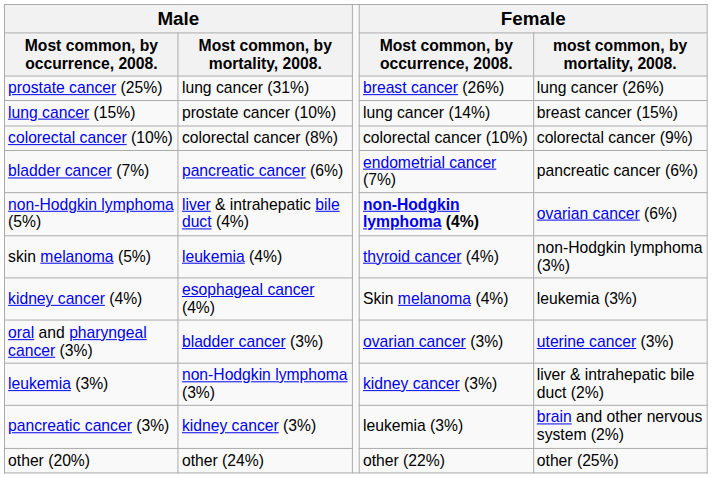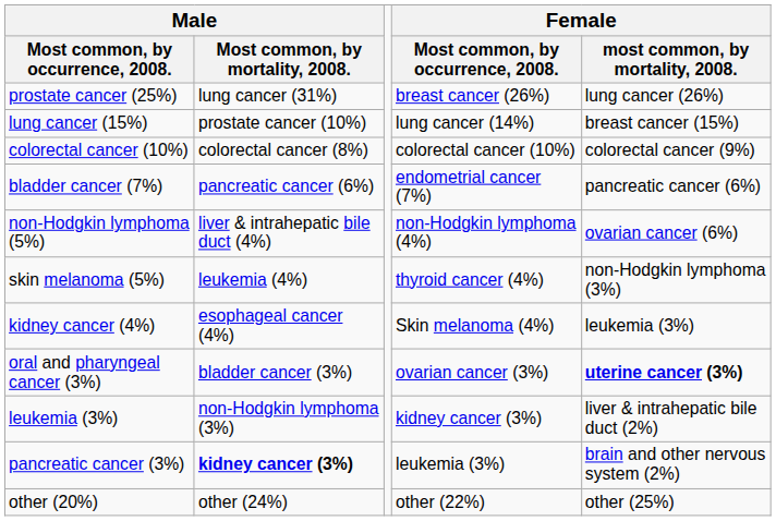 <table class="wikitable" border="1">
 <tr>
 <th colspan="2"><big>Male</big></th>
 <td rowspan="13"></td>
 <th colspan="2"><big>Female</big></th>
 </tr>
 <tr>
 <th width="170px">Most common, by occurrence, 2008.</th>
 <th width="170px">Most common, by mortality, 2008.</th>
 <th width="170px">Most common, by occurrence, 2008.</th>
 <th width="170px">most common, by mortality, 2008.</th>
 </tr>
 <tr>
 <td><a href='#'>prostate cancer</a> (25%)</td>
 <td>lung cancer (31%)</td>
 <td><a href='#'>breast cancer</a> (26%)</td>
 <td>lung cancer (26%)</td>
 </tr>
 <tr>
 <td><a href='#'>lung cancer</a> (15%)</td>
 <td>prostate cancer (10%)</td>
 <td>lung cancer (14%)</td>
 <td>breast cancer (15%)</td>
 </tr>
 <tr>
 <td><a href='#'>colorectal cancer</a> (10%)</td>
 <td>colorectal cancer (8%)</td>
 <td>colorectal cancer (10%)</td>
 <td>colorectal cancer (9%)</td>
 </tr>
 <tr>
 <td><a href='#'>bladder cancer</a> (7%)</td>
 <td><a href='#'>pancreatic cancer</a> (6%)</td>
 <td><a href='#'>endometrial cancer</a> (7%)</td>
 <td>pancreatic cancer (6%)</td>
 </tr>
 <tr>
 <td><a href='#'>non-Hodgkin lymphoma</a> (5%)</td>
 <td><a href='#'>liver</a> & intrahepatic <a href='#'>bile duct</a> (4%)</td>
-<td><strong><a href='#'>non-Hodgkin lymphoma</a> (4%)</strong></td>
+<td><a href='#'>non-Hodgkin lymphoma</a> (4%)</td>
 <td><a href='#'>ovarian cancer</a> (6%)</td>
 </tr>
 <tr>
 <td>skin <a href='#'>melanoma</a> (5%)</td>
 <td><a href='#'>leukemia</a> (4%)</td>
 <td><a href='#'>thyroid cancer</a> (4%)</td>
 <td>non-Hodgkin lymphoma (3%)</td>
 </tr>
 <tr>
 <td><a href='#'>kidney cancer</a> (4%)</td>
 <td><a href='#'>esophageal cancer</a> (4%)</td>
 <td>Skin <a href='#'>melanoma</a> (4%)</td>
 <td>leukemia (3%)</td>
 </tr>
 <tr>
 <td><a href='#'>oral</a> and <a href='#'>pharyngeal cancer</a> (3%)</td>
 <td><a href='#'>bladder cancer</a> (3%)</td>
 <td><a href='#'>ovarian cancer</a> (3%)</td>
-<td><a href='#'>uterine cancer</a> (3%)</td>
+<td><strong><a href='#'>uterine cancer</a> (3%)</strong></td>
 </tr>
 <tr>
 <td><a href='#'>leukemia</a> (3%)</td>
 <td><a href='#'>non-Hodgkin lymphoma</a> (3%)</td>
 <td><a href='#'>kidney cancer</a> (3%)</td>
 <td>liver & intrahepatic bile duct (2%)</td>
 </tr>
 <tr>
 <td><a href='#'>pancreatic cancer</a> (3%)</td>
-<td><a href='#'>kidney cancer</a> (3%)</td>
+<td><strong><a href='#'>kidney cancer</a> (3%)</strong></td>
 <td>leukemia (3%)</td>
 <td><a href='#'>brain</a> and other nervous system (2%)</td>
 </tr>
 <tr>
 <td>other (20%)</td>
 <td>other (24%)</td>
 <td>other (22%)</td>
 <td>other (25%)</td>
 </tr>
 </table>
